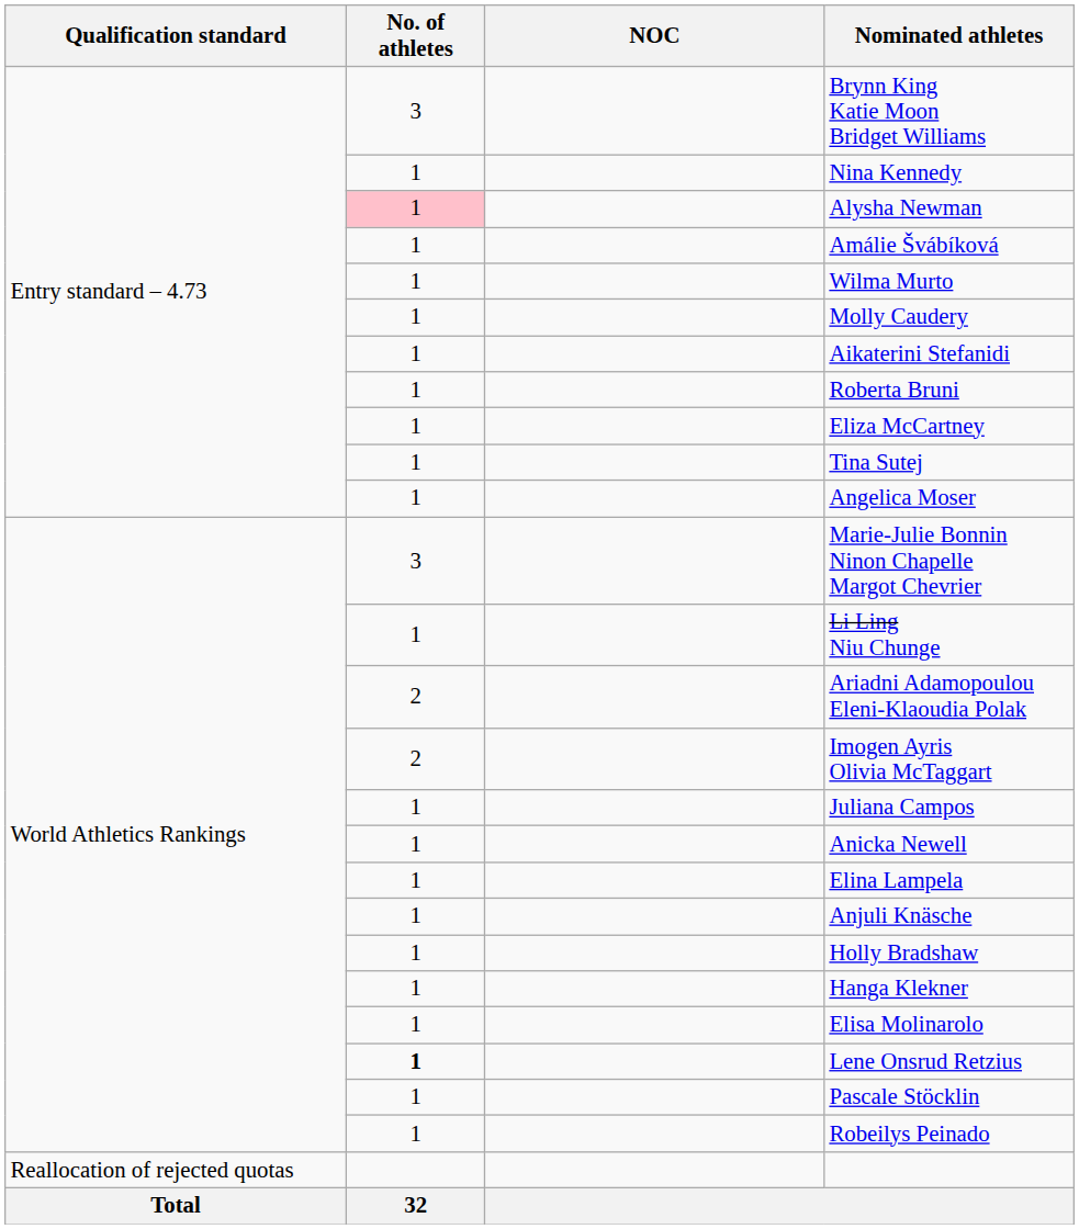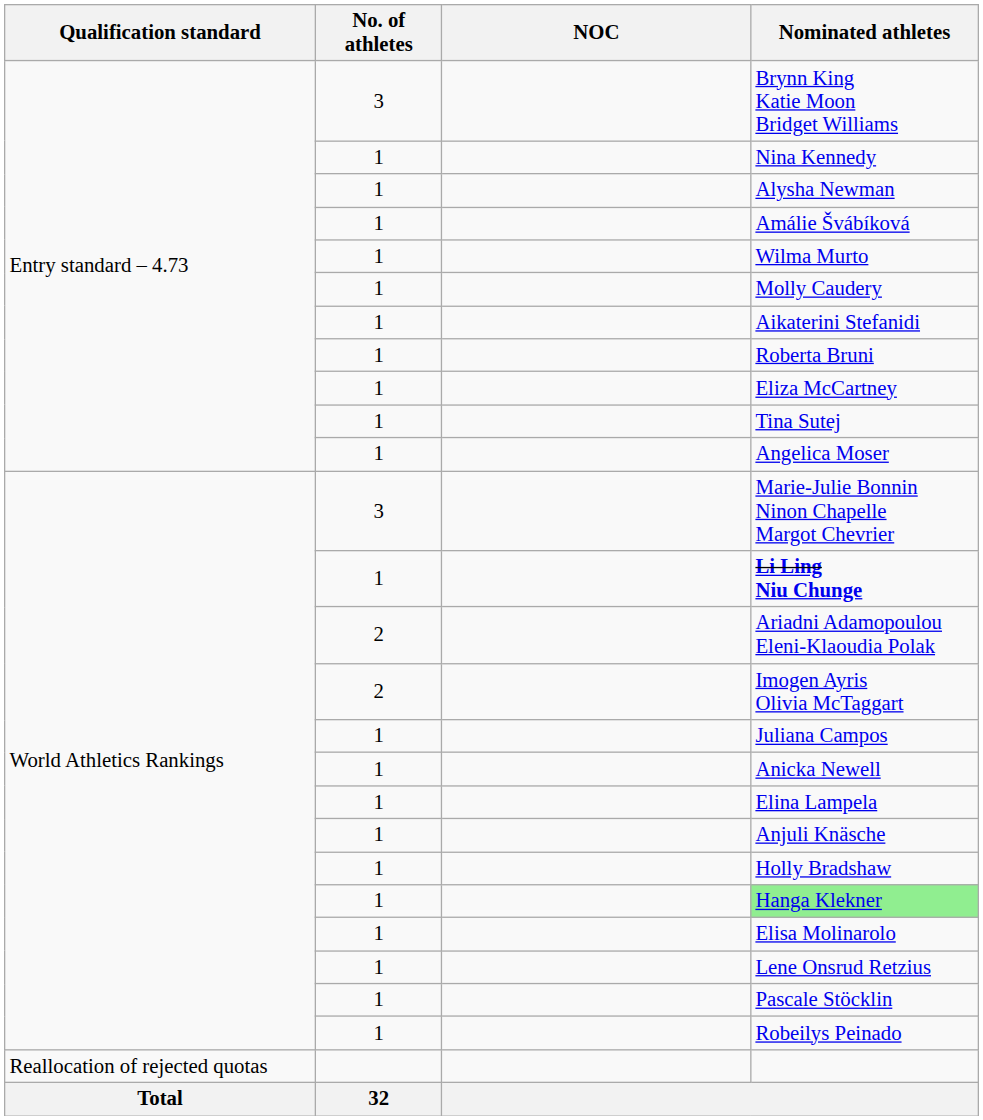 <table class="wikitable sortable" style="text-align:left; width:750px;">
 <tr>
 <th>Qualification standard</th>
 <th width=90>No. of athletes</th>
 <th width=230>NOC</th>
 <th>Nominated athletes</th>
 </tr>
 <tr>
 <td rowspan=11>Entry standard – 4.73</td>
 <td align=center>3</td>
 <td></td>
 <td><a href='#'>Brynn King</a><br><a href='#'>Katie Moon</a><br><a href='#'>Bridget Williams</a></td>
 </tr>
 <tr>
 <td align=center>1</td>
 <td></td>
 <td><a href='#'>Nina Kennedy</a></td>
 </tr>
 <tr>
-<td align=center style="background: pink;">1</td>
+<td align=center>1</td>
 <td></td>
 <td><a href='#'>Alysha Newman</a></td>
 </tr>
 <tr>
 <td align=center>1</td>
 <td></td>
 <td><a href='#'>Amálie Švábíková</a></td>
 </tr>
 <tr>
 <td align=center>1</td>
 <td></td>
 <td><a href='#'>Wilma Murto</a></td>
 </tr>
 <tr>
 <td align=center>1</td>
 <td></td>
 <td><a href='#'>Molly Caudery</a></td>
 </tr>
 <tr>
 <td align=center>1</td>
 <td></td>
 <td><a href='#'>Aikaterini Stefanidi</a></td>
 </tr>
 <tr>
 <td align=center>1</td>
 <td></td>
 <td><a href='#'>Roberta Bruni</a></td>
 </tr>
 <tr>
 <td align=center>1</td>
 <td></td>
 <td><a href='#'>Eliza McCartney</a></td>
 </tr>
 <tr>
 <td align=center>1</td>
 <td></td>
 <td><a href='#'>Tina Sutej</a></td>
 </tr>
 <tr>
 <td align=center>1</td>
 <td></td>
 <td><a href='#'>Angelica Moser</a></td>
 </tr>
 <tr>
 <td rowspan=14>World Athletics Rankings</td>
 <td align=center>3</td>
 <td></td>
 <td><a href='#'>Marie-Julie Bonnin</a><br><a href='#'>Ninon Chapelle</a><br><a href='#'>Margot Chevrier</a></td>
 </tr>
 <tr>
 <td align=center>1</td>
 <td></td>
-<td><s><a href='#'>Li Ling</a></s><br><a href='#'>Niu Chunge</a></td>
+<td><strong><s><a href='#'>Li Ling</a></s><br><a href='#'>Niu Chunge</a></strong></td>
 </tr>
 <tr>
 <td align=center>2</td>
 <td></td>
 <td><a href='#'>Ariadni Adamopoulou</a><br><a href='#'>Eleni-Klaoudia Polak</a></td>
 </tr>
 <tr>
 <td align=center>2</td>
 <td></td>
 <td><a href='#'>Imogen Ayris</a><br><a href='#'>Olivia McTaggart</a></td>
 </tr>
 <tr>
 <td align=center>1</td>
 <td></td>
 <td><a href='#'>Juliana Campos</a></td>
 </tr>
 <tr>
 <td align=center>1</td>
 <td></td>
 <td><a href='#'>Anicka Newell</a></td>
 </tr>
 <tr>
 <td align=center>1</td>
 <td></td>
 <td><a href='#'>Elina Lampela</a></td>
 </tr>
 <tr>
 <td align=center>1</td>
 <td></td>
 <td><a href='#'>Anjuli Knäsche</a></td>
 </tr>
 <tr>
 <td align=center>1</td>
 <td></td>
 <td><a href='#'>Holly Bradshaw</a></td>
 </tr>
 <tr>
 <td align=center>1</td>
 <td></td>
-<td><a href='#'>Hanga Klekner</a></td>
+<td style="background: lightgreen;"><a href='#'>Hanga Klekner</a></td>
 </tr>
 <tr>
 <td align=center>1</td>
 <td></td>
 <td><a href='#'>Elisa Molinarolo</a></td>
 </tr>
 <tr>
-<td align=center><strong>1</strong></td>
+<td align=center>1</td>
 <td></td>
 <td><a href='#'>Lene Onsrud Retzius</a></td>
 </tr>
 <tr>
 <td align=center>1</td>
 <td></td>
 <td><a href='#'>Pascale Stöcklin</a></td>
 </tr>
 <tr>
 <td align=center>1</td>
 <td></td>
 <td><a href='#'>Robeilys Peinado</a></td>
 </tr>
 <tr>
 <td>Reallocation of rejected quotas</td>
 <td align=center></td>
 <td></td>
 <td></td>
 </tr>
 <tr>
 <th>Total</th>
 <th>32</th>
 <th colspan=2></th>
 </tr>
 </table>
